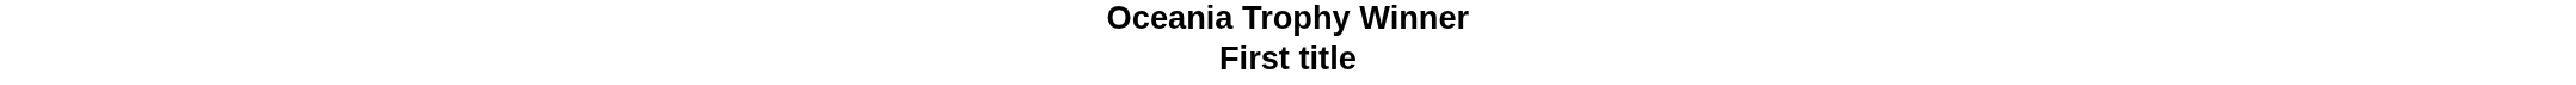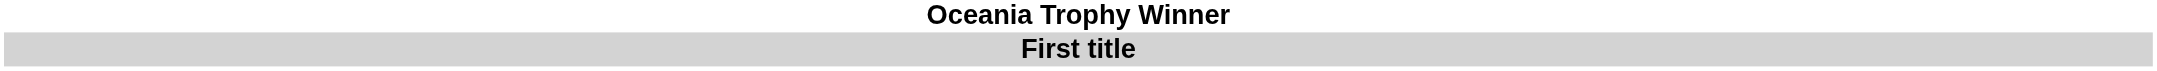 <table cellspacing=0 width=100% style="text-align:center; font-weight:bold;">
 <tr>
 <td></td>
 </tr>
 <tr>
 <td>Oceania Trophy Winner</td>
 </tr>
 <tr>
-<td>First title</td>
+<td style="background: lightgrey;">First title</td>
 </tr>
 </table>
